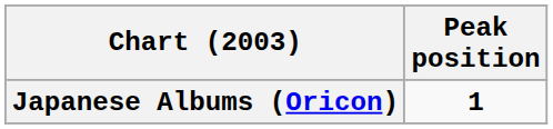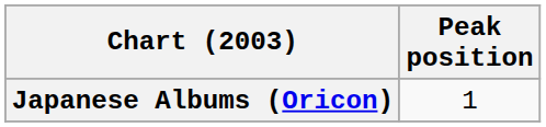 <table class="wikitable plainrowheaders" style="text-align:center">
 <tr>
 <th scope="col">Chart (2003)</th>
 <th scope="col">Peak<br>position</th>
 </tr>
 <tr>
 <th scope="row">Japanese Albums (<a href='#'>Oricon</a>)</th>
-<td><strong>1</strong></td>
+<td>1</td>
 </tr>
 </table>
